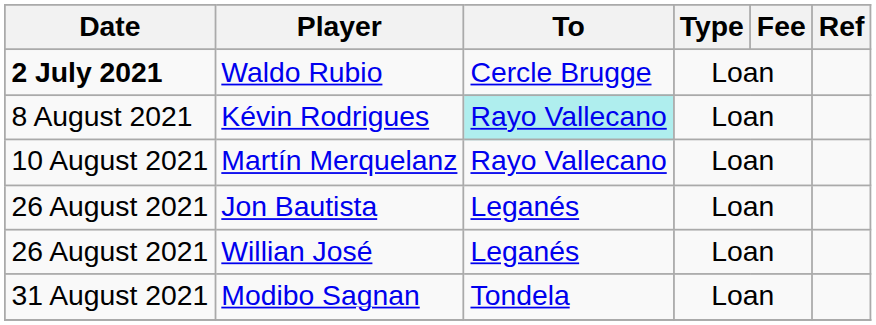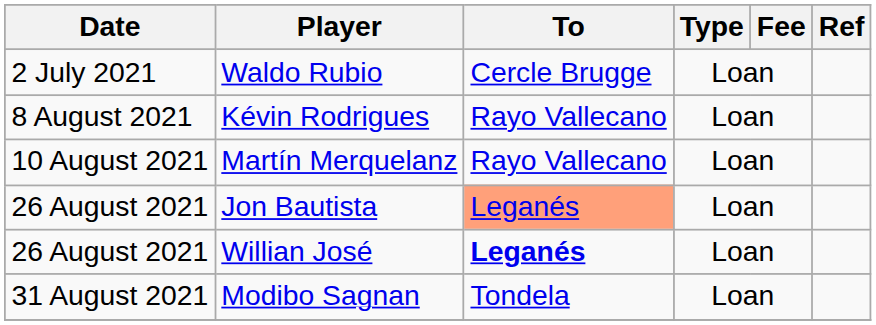 <table class="wikitable">
 <tr>
 <th>Date</th>
 <th>Player</th>
 <th>To</th>
 <th>Type</th>
 <th>Fee</th>
 <th>Ref</th>
 </tr>
 <tr>
-<td><strong>2 July 2021</strong></td>
+<td>2 July 2021</td>
 <td> <a href='#'>Waldo Rubio</a></td>
 <td> <a href='#'>Cercle Brugge</a></td>
 <td align=center colspan=2>Loan</td>
 <td align=center></td>
 </tr>
 <tr>
 <td>8 August 2021</td>
 <td> <a href='#'>Kévin Rodrigues</a></td>
-<td style="background: paleturquoise;"><a href='#'>Rayo Vallecano</a></td>
+<td><a href='#'>Rayo Vallecano</a></td>
 <td align=center colspan=2>Loan</td>
 <td align=center></td>
 </tr>
 <tr>
 <td>10 August 2021</td>
 <td> <a href='#'>Martín Merquelanz</a></td>
 <td><a href='#'>Rayo Vallecano</a></td>
 <td align=center colspan=2>Loan</td>
 <td align=center></td>
 </tr>
 <tr>
 <td>26 August 2021</td>
 <td> <a href='#'>Jon Bautista</a></td>
-<td><a href='#'>Leganés</a></td>
+<td style="background: lightsalmon;"><a href='#'>Leganés</a></td>
 <td align=center colspan=2>Loan</td>
 <td align=center></td>
 </tr>
 <tr>
 <td>26 August 2021</td>
 <td> <a href='#'>Willian José</a></td>
-<td><a href='#'>Leganés</a></td>
+<td><strong><a href='#'>Leganés</a></strong></td>
 <td align=center colspan=2>Loan</td>
 <td align=center></td>
 </tr>
 <tr>
 <td>31 August 2021</td>
 <td> <a href='#'>Modibo Sagnan</a></td>
 <td> <a href='#'>Tondela</a></td>
 <td align=center colspan=2>Loan</td>
 <td align=center></td>
 </tr>
 <tr>
 </tr>
 </table>
